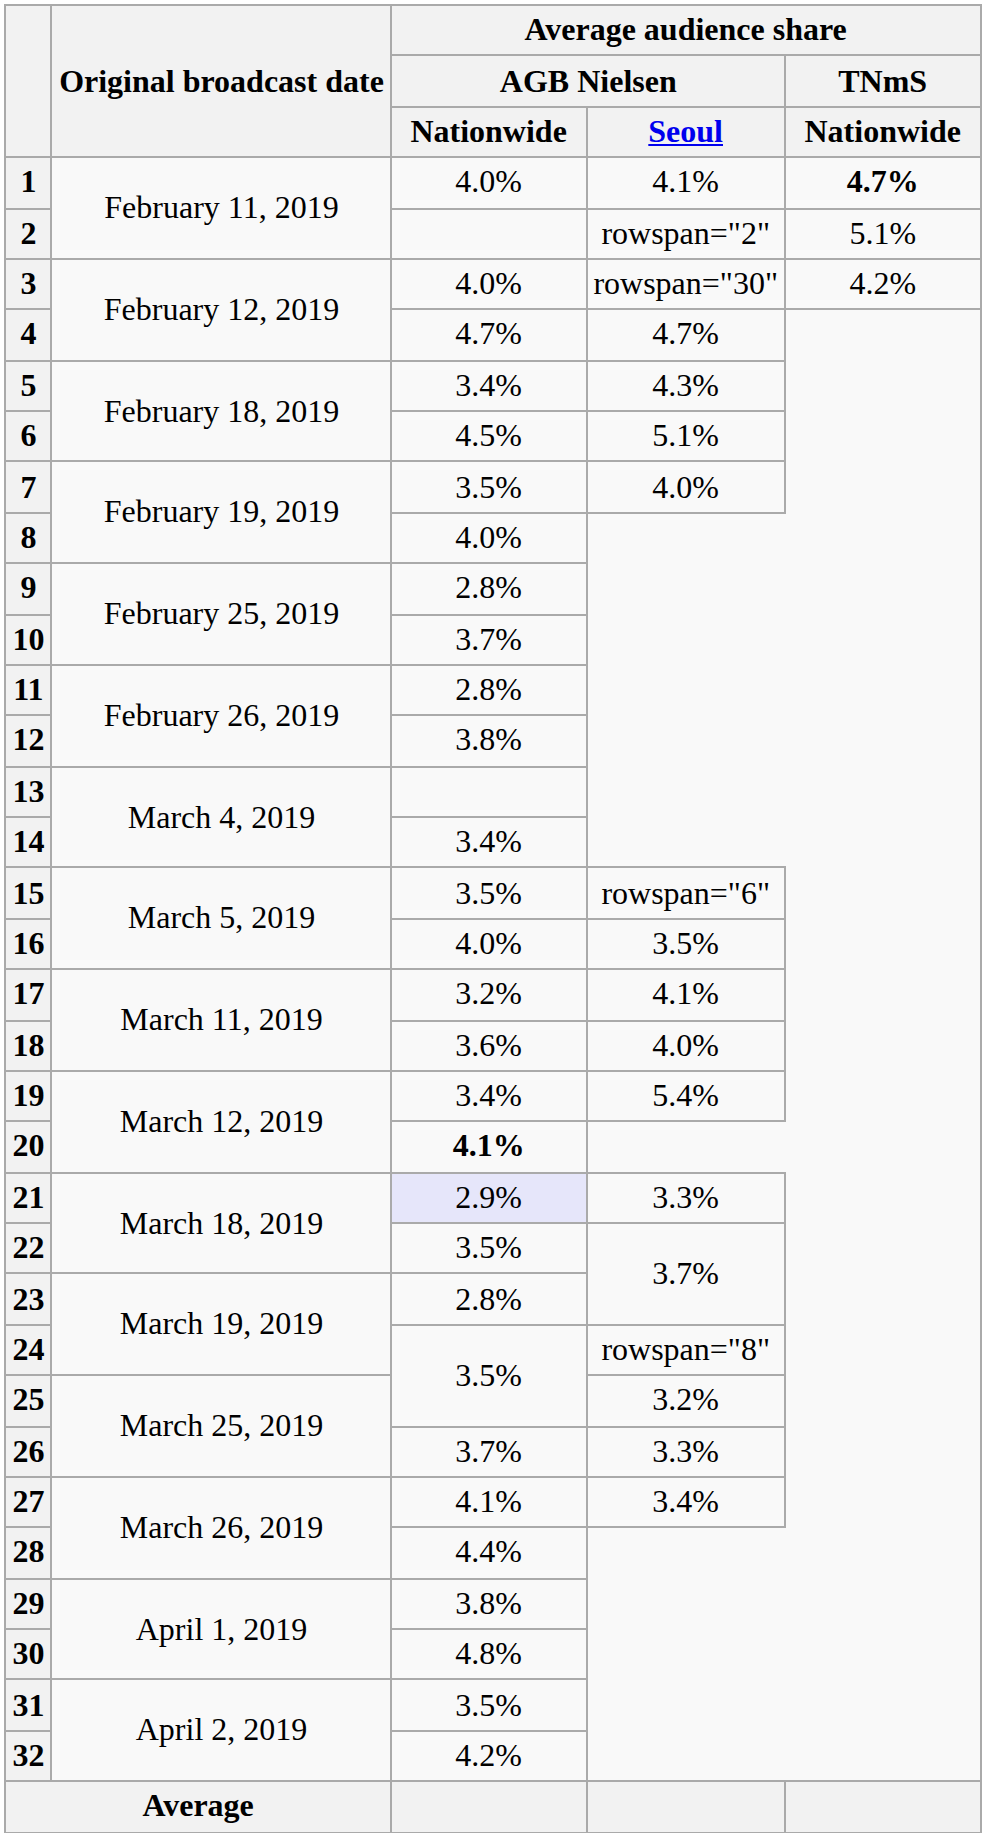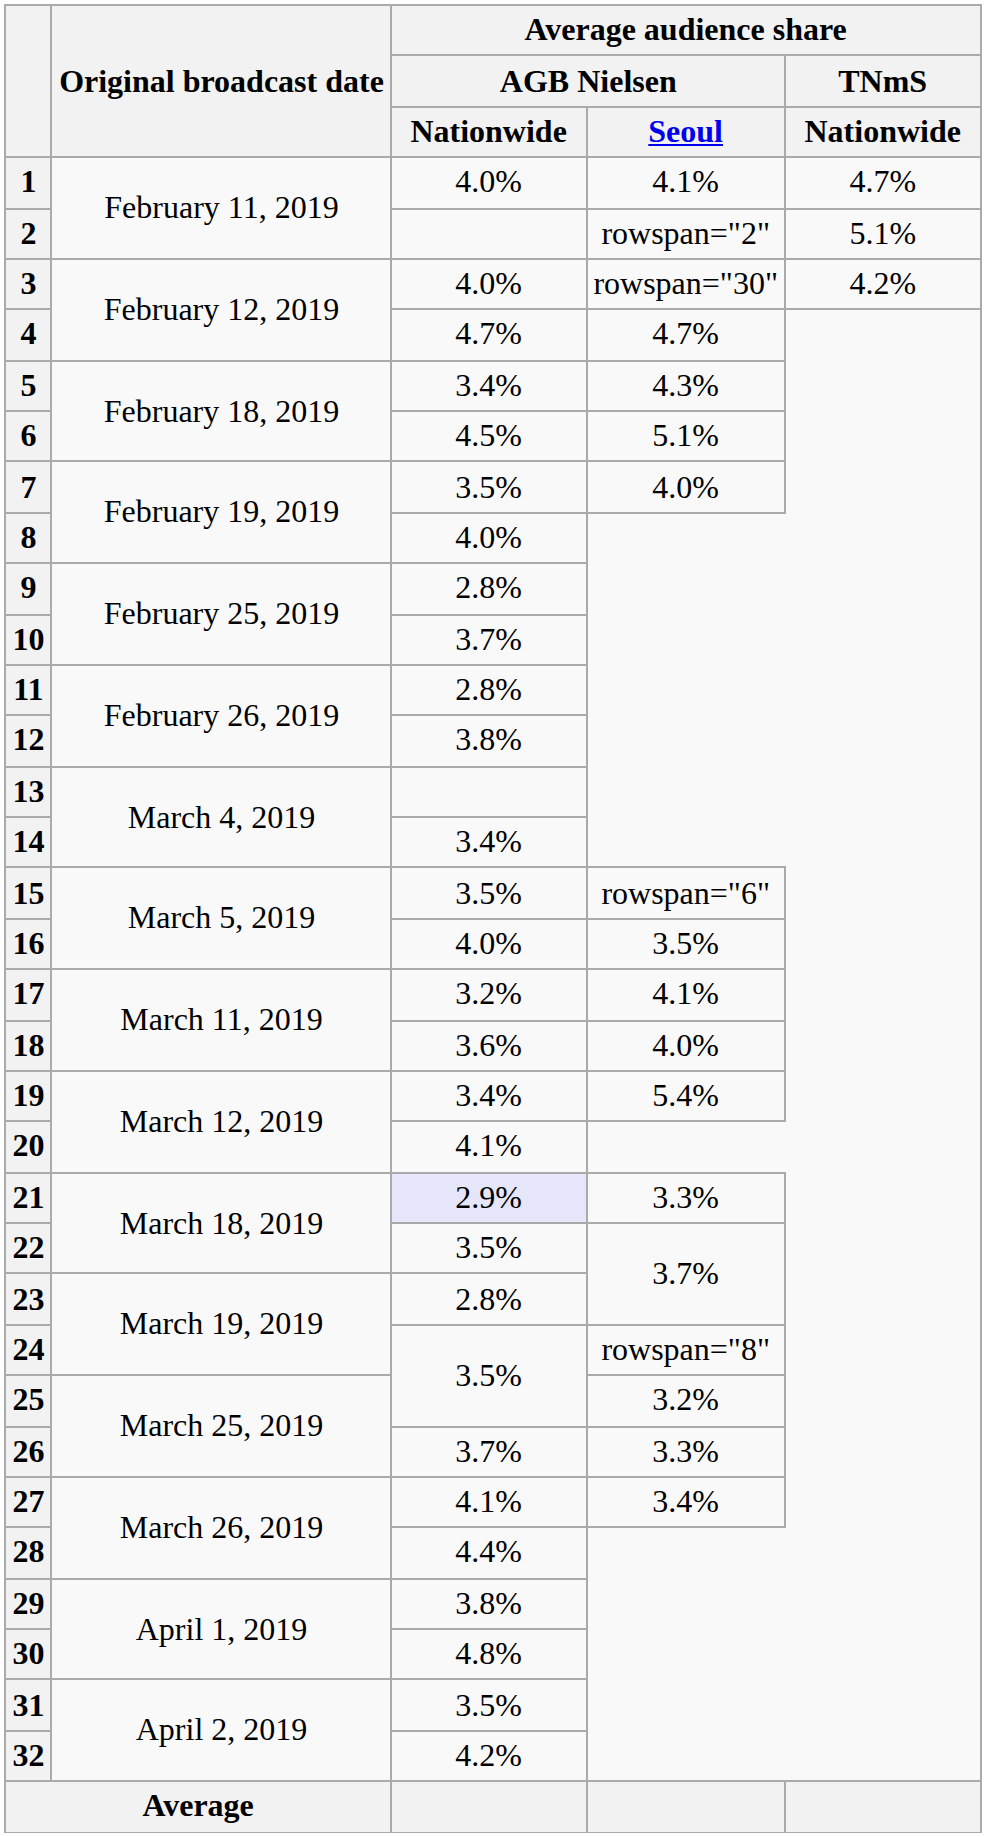 <table class="wikitable" style="text-align:center">
 <tr>
 <th rowspan="3"></th>
 <th rowspan="3">Original broadcast date</th>
 <th colspan="3">Average audience share</th>
 </tr>
 <tr>
 <th colspan="2">AGB Nielsen</th>
 <th width="90">TNmS</th>
 </tr>
 <tr>
 <th width="90">Nationwide</th>
 <th width="90"><a href='#'>Seoul</a></th>
 <th width="90">Nationwide</th>
 </tr>
 <tr>
 <th>1</th>
 <td rowspan="2">February 11, 2019</td>
 <td>4.0%</td>
 <td>4.1%</td>
-<td><strong>4.7%</strong></td>
+<td>4.7%</td>
 </tr>
 <tr>
 <th>2</th>
 <td></td>
 <td>rowspan="2" </td>
 <td>5.1%</td>
 </tr>
 <tr>
 <th>3</th>
 <td rowspan="2">February 12, 2019</td>
 <td>4.0%</td>
 <td>rowspan="30" </td>
 <td>4.2%</td>
 </tr>
 <tr>
 <th>4</th>
 <td>4.7%</td>
 <td>4.7%</td>
 </tr>
 <tr>
 <th>5</th>
 <td rowspan="2">February 18, 2019</td>
 <td>3.4%</td>
 <td>4.3%</td>
 </tr>
 <tr>
 <th>6</th>
 <td>4.5%</td>
 <td>5.1%</td>
 </tr>
 <tr>
 <th>7</th>
 <td rowspan="2">February 19, 2019</td>
 <td>3.5%</td>
 <td>4.0%</td>
 </tr>
 <tr>
 <th>8</th>
 <td>4.0%</td>
 </tr>
 <tr>
 <th>9</th>
 <td rowspan="2">February 25, 2019</td>
 <td>2.8%</td>
 </tr>
 <tr>
 <th>10</th>
 <td>3.7%</td>
 </tr>
 <tr>
 <th>11</th>
 <td rowspan="2">February 26, 2019</td>
 <td>2.8%</td>
 </tr>
 <tr>
 <th>12</th>
 <td>3.8%</td>
 </tr>
 <tr>
 <th>13</th>
 <td rowspan="2">March 4, 2019</td>
 <td></td>
 </tr>
 <tr>
 <th>14</th>
 <td>3.4%</td>
 </tr>
 <tr>
 <th>15</th>
 <td rowspan="2">March 5, 2019</td>
 <td>3.5%</td>
 <td>rowspan="6" </td>
 </tr>
 <tr>
 <th>16</th>
 <td>4.0%</td>
 <td>3.5%</td>
 </tr>
 <tr>
 <th>17</th>
 <td rowspan="2">March 11, 2019</td>
 <td>3.2%</td>
 <td>4.1%</td>
 </tr>
 <tr>
 <th>18</th>
 <td>3.6%</td>
 <td>4.0%</td>
 </tr>
 <tr>
 <th>19</th>
 <td rowspan="2">March 12, 2019</td>
 <td>3.4%</td>
 <td>5.4%</td>
 </tr>
 <tr>
 <th>20</th>
-<td><strong>4.1%</strong></td>
+<td>4.1%</td>
 </tr>
 <tr>
 <th>21</th>
 <td rowspan="2">March 18, 2019</td>
 <td style="background: lavender;">2.9%</td>
 <td>3.3%</td>
 </tr>
 <tr>
 <th>22</th>
 <td>3.5%</td>
 <td rowspan="2">3.7%</td>
 </tr>
 <tr>
 <th>23</th>
 <td rowspan="2">March 19, 2019</td>
 <td>2.8%</td>
 </tr>
 <tr>
 <th>24</th>
 <td rowspan="2">3.5%</td>
 <td>rowspan="8" </td>
 </tr>
 <tr>
 <th>25</th>
 <td rowspan="2">March 25, 2019</td>
 <td>3.2%</td>
 </tr>
 <tr>
 <th>26</th>
 <td>3.7%</td>
 <td>3.3%</td>
 </tr>
 <tr>
 <th>27</th>
 <td rowspan="2">March 26, 2019</td>
 <td>4.1%</td>
 <td>3.4%</td>
 </tr>
 <tr>
 <th>28</th>
 <td>4.4%</td>
 </tr>
 <tr>
 <th>29</th>
 <td rowspan="2">April 1, 2019</td>
 <td>3.8%</td>
 </tr>
 <tr>
 <th>30</th>
 <td>4.8%</td>
 </tr>
 <tr>
 <th>31</th>
 <td rowspan="2">April 2, 2019</td>
 <td>3.5%</td>
 </tr>
 <tr>
 <th>32</th>
 <td>4.2%</td>
 </tr>
 <tr>
 <th colspan="2">Average</th>
 <th></th>
 <th></th>
 <th></th>
 </tr>
 </table>
